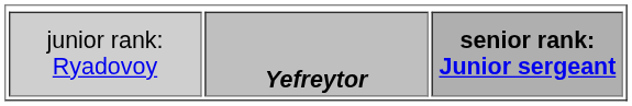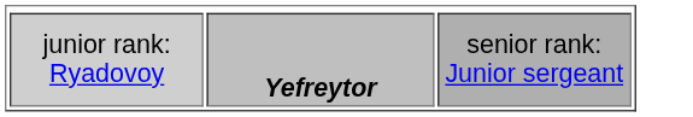 <table class="wikipedia sortable" border="1">
 <tr>
 </tr>
 <tr>
 <td width="30%" align="center" style="background:#cfcfcf;">junior rank:<br><a href='#'>Ryadovoy</a></td>
 <td width="35%" align="center"  style="background:#bfbfbf;"><br><br><strong><em>Yefreytor</em></strong></td>
-<td width="30%" align="center" style="background:#afafaf;"><strong>senior rank:<br><a href='#'>Junior sergeant</a><br><small></small></strong></td>
+<td width="30%" align="center" style="background:#afafaf;">senior rank:<br><a href='#'>Junior sergeant</a><br><small></small></td>
 </tr>
 </table>
